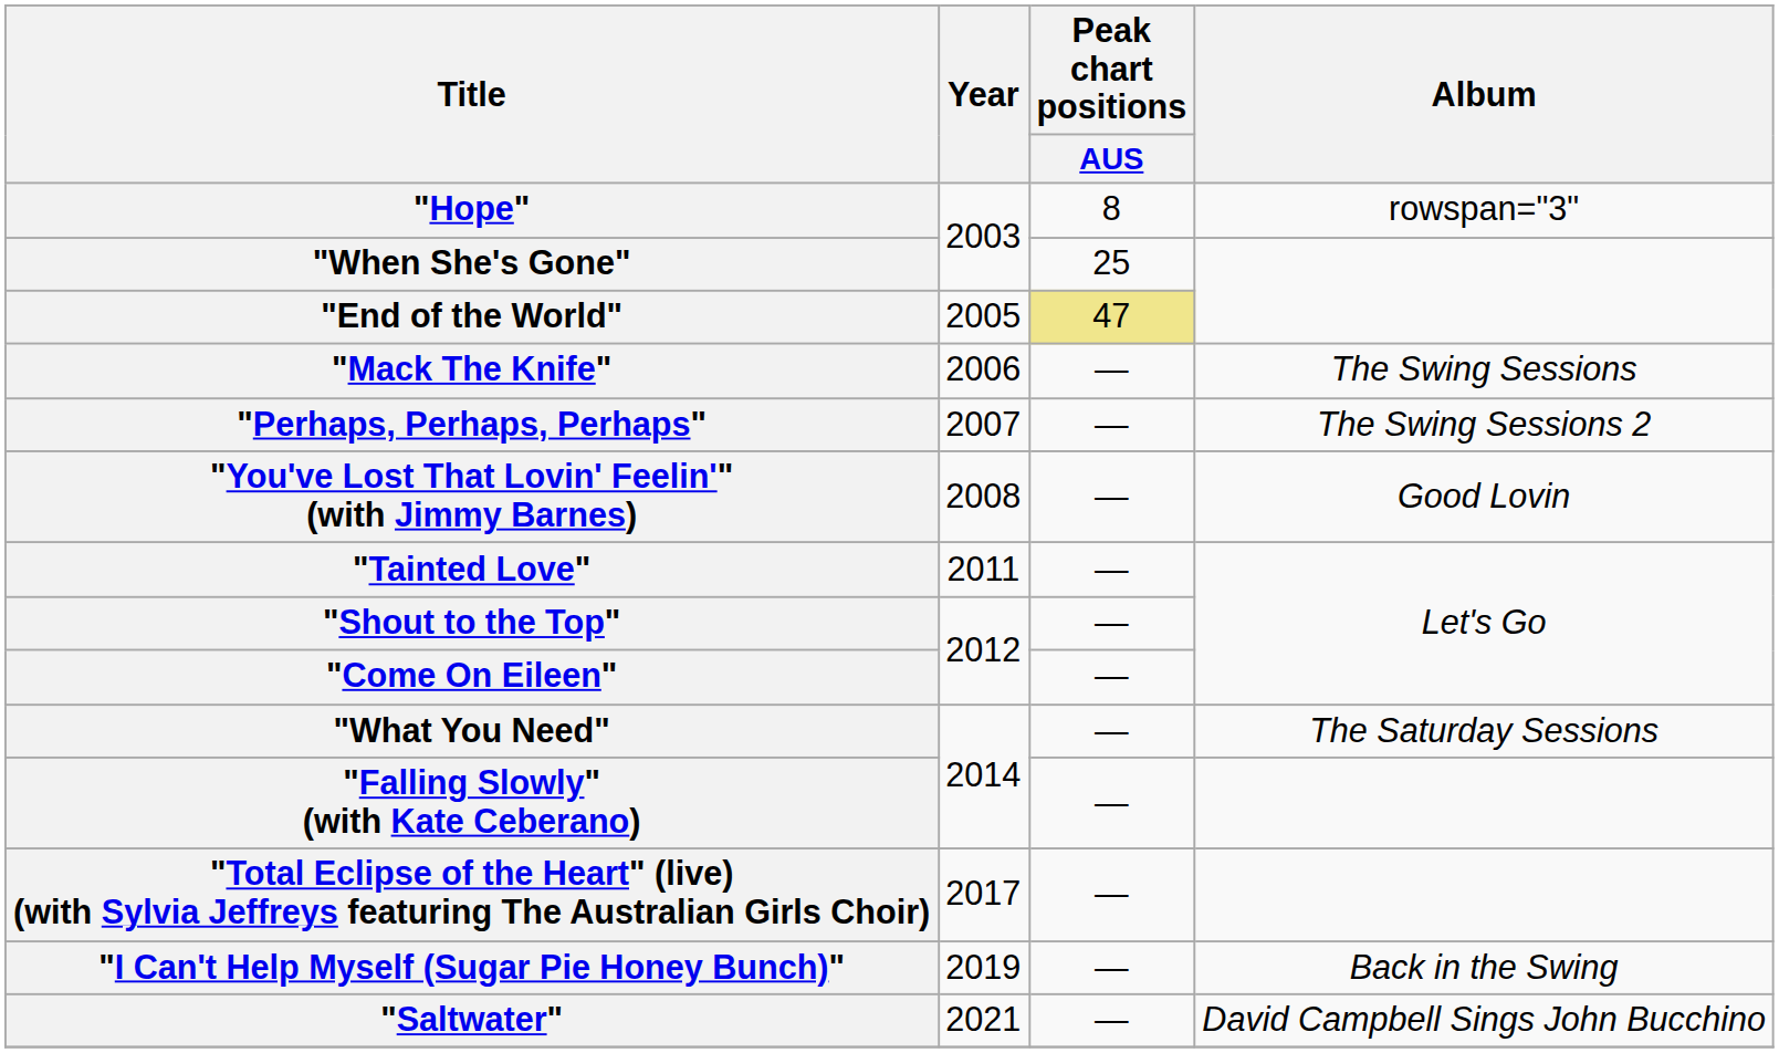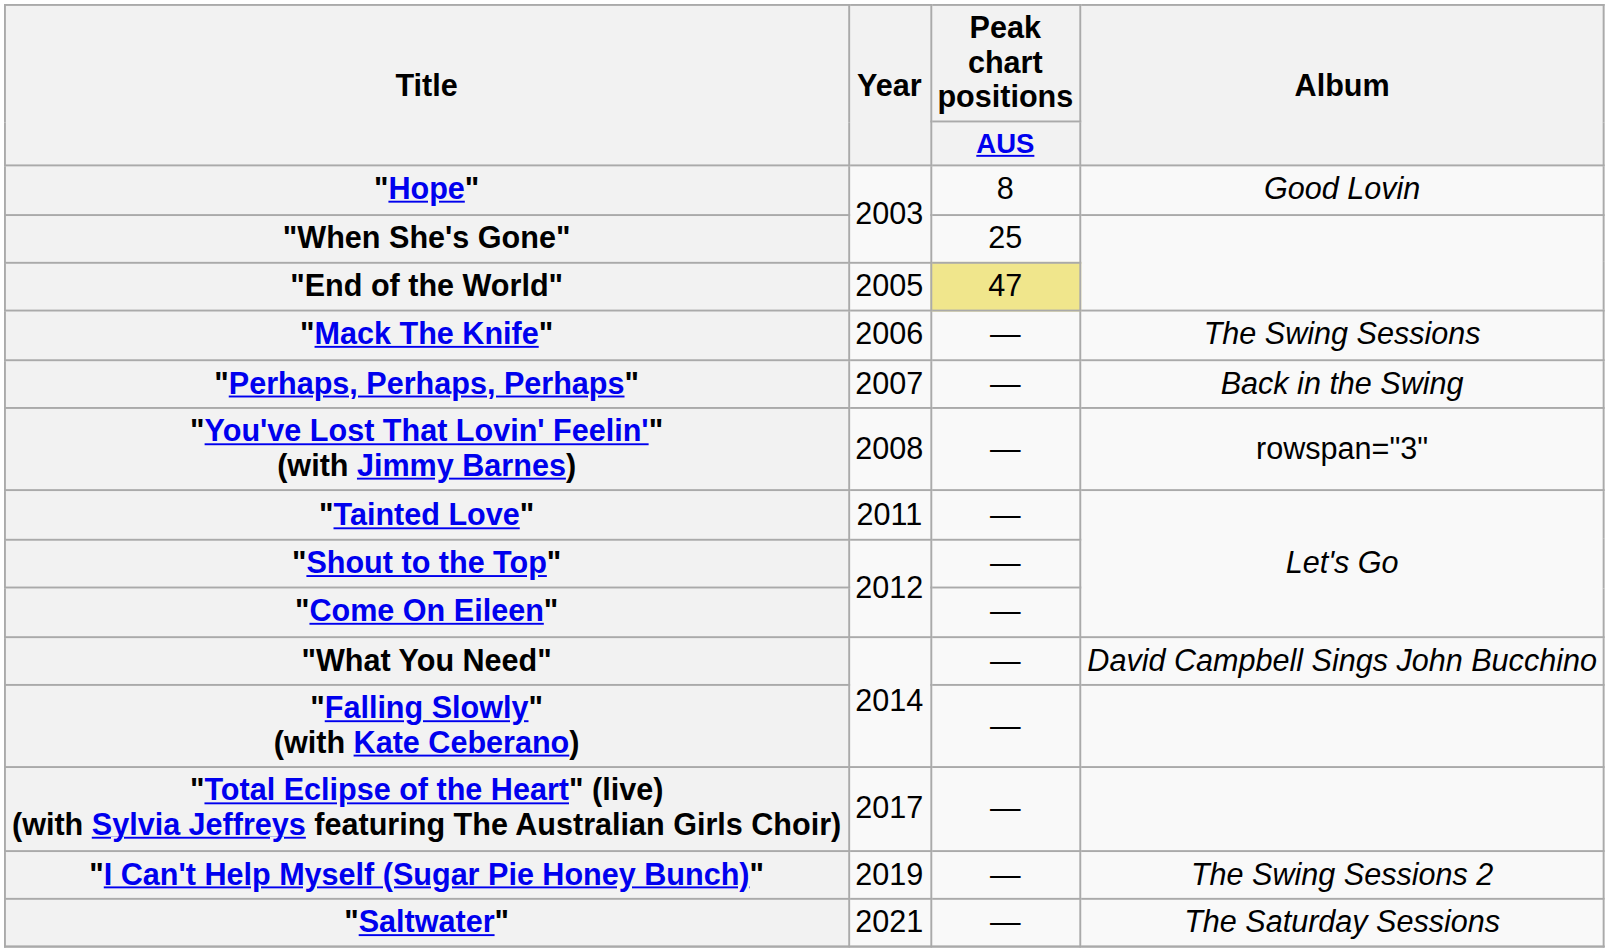 <table class="wikitable plainrowheaders" style="text-align:center;">
 <tr>
 <th scope="col" rowspan="2">Title</th>
 <th scope="col" rowspan="2">Year</th>
 <th scope="col" colspan="1">Peak chart positions</th>
 <th scope="col" rowspan="2">Album</th>
 </tr>
 <tr>
 <th scope="col" style="width:3em;font-size:90%;"><a href='#'>AUS</a><br></th>
 </tr>
 <tr>
 <th scope="row">"<a href='#'>Hope</a>"</th>
 <td rowspan="2">2003</td>
 <td>8</td>
-<td>rowspan="3" </td>
+<td><em>Good Lovin</em></td>
 </tr>
 <tr>
 <th scope="row">"When She's Gone"</th>
 <td>25</td>
 </tr>
 <tr>
 <th scope="row">"End of the World"</th>
 <td>2005</td>
 <td style="background: khaki;">47</td>
 </tr>
 <tr>
 <th scope="row">"<a href='#'>Mack The Knife</a>"</th>
 <td>2006</td>
 <td>—</td>
 <td><em>The Swing Sessions</em></td>
 </tr>
 <tr>
 <th scope="row">"<a href='#'>Perhaps, Perhaps, Perhaps</a>"</th>
 <td>2007</td>
 <td>—</td>
-<td><em>The Swing Sessions 2</em></td>
+<td><em>Back in the Swing</em></td>
 </tr>
 <tr>
 <th scope="row">"<a href='#'>You've Lost That Lovin' Feelin'</a>" <br> (with <a href='#'>Jimmy Barnes</a>)</th>
 <td>2008</td>
 <td>—</td>
-<td><em>Good Lovin</em></td>
+<td>rowspan="3" </td>
 </tr>
 <tr>
 <th scope="row">"<a href='#'>Tainted Love</a>"</th>
 <td>2011</td>
 <td>—</td>
 <td rowspan="3"><em>Let's Go</em></td>
 </tr>
 <tr>
 <th scope="row">"<a href='#'>Shout to the Top</a>"</th>
 <td rowspan="2">2012</td>
 <td>—</td>
 </tr>
 <tr>
 <th scope="row">"<a href='#'>Come On Eileen</a>"</th>
 <td>—</td>
 </tr>
 <tr>
 <th scope="row">"What You Need"</th>
 <td rowspan="2">2014</td>
 <td>—</td>
-<td><em>The Saturday Sessions</em></td>
+<td><em>David Campbell Sings John Bucchino</em></td>
 </tr>
 <tr>
 <th scope="row">"<a href='#'>Falling Slowly</a>" <br> (with <a href='#'>Kate Ceberano</a>)</th>
 <td>—</td>
 <td></td>
 </tr>
 <tr>
 <th scope="row">"<a href='#'>Total Eclipse of the Heart</a>" (live) <br> (with <a href='#'>Sylvia Jeffreys</a> featuring The Australian Girls Choir)</th>
 <td>2017</td>
 <td>—</td>
 <td></td>
 </tr>
 <tr>
 <th scope="row">"<a href='#'>I Can't Help Myself (Sugar Pie Honey Bunch)</a>"</th>
 <td>2019</td>
 <td>—</td>
-<td><em>Back in the Swing</em></td>
+<td><em>The Swing Sessions 2</em></td>
 </tr>
 <tr>
 <th scope="row">"<a href='#'>Saltwater</a>"</th>
 <td>2021</td>
 <td>—</td>
-<td><em>David Campbell Sings John Bucchino</em></td>
+<td><em>The Saturday Sessions</em></td>
 </tr>
 <tr>
 </tr>
 </table>
